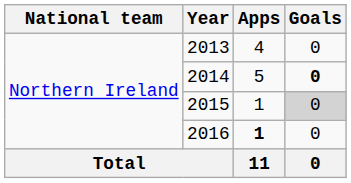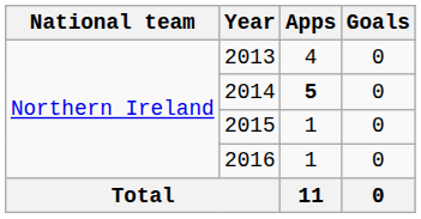 <table class="wikitable" style="text-align: center;">
 <tr>
 <th>National team</th>
 <th>Year</th>
 <th>Apps</th>
 <th>Goals</th>
 </tr>
 <tr>
 <td rowspan="4"><a href='#'>Northern Ireland</a></td>
 <td>2013</td>
 <td>4</td>
 <td>0</td>
 </tr>
 <tr>
 <td>2014</td>
-<td>5</td>
-<td><strong>0</strong></td>
+<td><strong>5</strong></td>
+<td>0</td>
 </tr>
 <tr>
 <td>2015</td>
 <td>1</td>
-<td style="background: lightgrey;">0</td>
+<td>0</td>
 </tr>
 <tr>
 <td>2016</td>
-<td><strong>1</strong></td>
+<td>1</td>
 <td>0</td>
 </tr>
 <tr>
 <th colspan="2">Total</th>
 <th>11</th>
 <th>0</th>
 </tr>
 </table>
